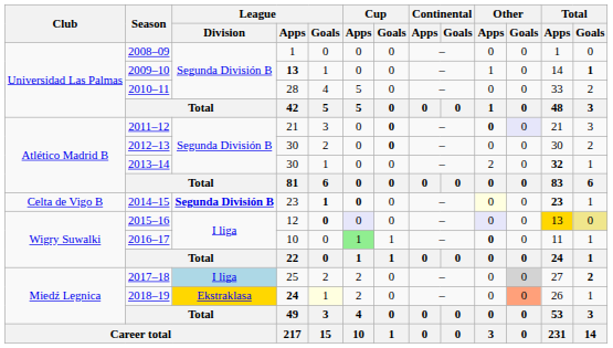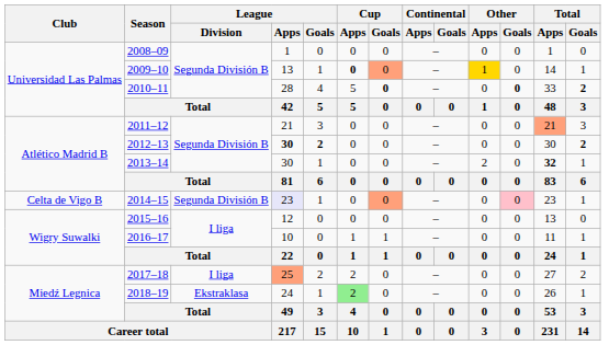 <table class="wikitable" style="text-align: center">
 <tr>
 <th rowspan="2">Club</th>
 <th rowspan="2">Season</th>
 <th colspan="3">League</th>
 <th colspan="2">Cup</th>
 <th colspan="2">Continental</th>
 <th colspan="2">Other</th>
 <th colspan="2">Total</th>
 </tr>
 <tr>
 <th>Division</th>
 <th>Apps</th>
 <th>Goals</th>
 <th>Apps</th>
 <th>Goals</th>
 <th>Apps</th>
 <th>Goals</th>
 <th>Apps</th>
 <th>Goals</th>
 <th>Apps</th>
 <th>Goals</th>
 </tr>
 <tr>
 <td rowspan="4"><a href='#'>Universidad Las Palmas</a></td>
 <td><a href='#'>2008–09</a></td>
 <td rowspan="3"><a href='#'>Segunda División B</a></td>
 <td>1</td>
 <td>0</td>
 <td>0</td>
 <td>0</td>
 <td colspan="2">–</td>
 <td>0</td>
 <td>0</td>
 <td>1</td>
 <td>0</td>
 </tr>
 <tr>
 <td><a href='#'>2009–10</a></td>
-<td><strong>13</strong></td>
+<td>13</td>
 <td>1</td>
-<td>0</td>
-<td>0</td>
+<td><strong>0</strong></td>
+<td style="background: lightsalmon;">0</td>
 <td colspan="2">–</td>
-<td>1</td>
+<td style="background: gold;">1</td>
 <td>0</td>
 <td>14</td>
-<td><strong>1</strong></td>
+<td>1</td>
 </tr>
 <tr>
 <td><a href='#'>2010–11</a></td>
 <td>28</td>
 <td>4</td>
 <td>5</td>
-<td>0</td>
+<td><strong>0</strong></td>
 <td colspan="2">–</td>
 <td>0</td>
-<td>0</td>
+<td><strong>0</strong></td>
 <td>33</td>
-<td>2</td>
+<td><strong>2</strong></td>
 </tr>
 <tr>
 <th colspan="2"><strong>Total</strong></th>
 <th>42</th>
 <th>5</th>
 <th>5</th>
 <th>0</th>
 <th>0</th>
 <th>0</th>
 <th>1</th>
 <th>0</th>
 <th>48</th>
 <th>3</th>
 </tr>
 <tr>
 <td rowspan="4"><a href='#'>Atlético Madrid B</a></td>
 <td><a href='#'>2011–12</a></td>
 <td rowspan="3"><a href='#'>Segunda División B</a></td>
 <td>21</td>
 <td>3</td>
 <td>0</td>
-<td><strong>0</strong></td>
+<td>0</td>
 <td colspan="2">–</td>
-<td><strong>0</strong></td>
-<td style="background: lavender;">0</td>
-<td>21</td>
+<td>0</td>
+<td>0</td>
+<td style="background: lightsalmon;">21</td>
 <td>3</td>
 </tr>
 <tr>
 <td><a href='#'>2012–13</a></td>
-<td>30</td>
-<td>2</td>
+<td><strong>30</strong></td>
+<td><strong>2</strong></td>
 <td>0</td>
-<td><strong>0</strong></td>
+<td>0</td>
 <td colspan="2">–</td>
 <td>0</td>
 <td>0</td>
 <td>30</td>
-<td>2</td>
+<td><strong>2</strong></td>
 </tr>
 <tr>
 <td><a href='#'>2013–14</a></td>
 <td>30</td>
 <td>1</td>
 <td>0</td>
 <td>0</td>
 <td colspan="2">–</td>
 <td>2</td>
 <td>0</td>
 <td><strong>32</strong></td>
 <td>1</td>
 </tr>
 <tr>
 <th colspan="2"><strong>Total</strong></th>
 <th>81</th>
 <th>6</th>
 <th>0</th>
 <th>0</th>
 <th>0</th>
 <th>0</th>
 <th>0</th>
 <th>0</th>
 <th>83</th>
 <th>6</th>
 </tr>
 <tr>
 <td><a href='#'>Celta de Vigo B</a></td>
 <td><a href='#'>2014–15</a></td>
-<td><strong><a href='#'>Segunda División B</a></strong></td>
+<td><a href='#'>Segunda División B</a></td>
+<td style="background: lavender;">23</td>
+<td>1</td>
+<td>0</td>
+<td style="background: lightsalmon;">0</td>
+<td colspan="2">–</td>
+<td>0</td>
+<td style="background: pink;">0</td>
 <td>23</td>
-<td><strong>1</strong></td>
-<td><strong>0</strong></td>
-<td>0</td>
-<td colspan="2">–</td>
-<td style="background: lightyellow;">0</td>
-<td>0</td>
-<td><strong>23</strong></td>
 <td>1</td>
 </tr>
 <tr>
 <td rowspan="3"><a href='#'>Wigry Suwalki</a></td>
 <td><a href='#'>2015–16</a></td>
 <td rowspan="2"><a href='#'>I liga</a></td>
 <td>12</td>
-<td><strong>0</strong></td>
-<td style="background: lavender;">0</td>
+<td>0</td>
+<td>0</td>
 <td>0</td>
 <td colspan="2">–</td>
-<td style="background: lavender;">0</td>
 <td>0</td>
-<td style="background: gold;">13</td>
-<td style="background: khaki;">0</td>
+<td>0</td>
+<td>13</td>
+<td>0</td>
 </tr>
 <tr>
 <td><a href='#'>2016–17</a></td>
 <td>10</td>
 <td>0</td>
-<td style="background: lightgreen;">1</td>
+<td>1</td>
 <td>1</td>
 <td colspan="2">–</td>
-<td><strong>0</strong></td>
+<td>0</td>
 <td>0</td>
 <td>11</td>
 <td>1</td>
 </tr>
 <tr>
 <th colspan="2"><strong>Total</strong></th>
 <th>22</th>
 <th>0</th>
 <th>1</th>
 <th>1</th>
 <th>0</th>
 <th>0</th>
 <th>0</th>
 <th>0</th>
 <th>24</th>
 <th>1</th>
 </tr>
 <tr>
 <td rowspan="3"><a href='#'>Miedź Legnica</a></td>
 <td><a href='#'>2017–18</a></td>
-<td style="background: lightblue;"><a href='#'>I liga</a></td>
-<td>25</td>
+<td><a href='#'>I liga</a></td>
+<td style="background: lightsalmon;">25</td>
 <td>2</td>
 <td>2</td>
 <td>0</td>
 <td colspan="2">–</td>
 <td>0</td>
-<td style="background: lightgrey;">0</td>
+<td>0</td>
 <td>27</td>
-<td><strong>2</strong></td>
+<td>2</td>
 </tr>
 <tr>
 <td><a href='#'>2018–19</a></td>
-<td style="background: gold;"><a href='#'>Ekstraklasa</a></td>
-<td><strong>24</strong></td>
-<td style="background: lightyellow;">1</td>
-<td>2</td>
+<td><a href='#'>Ekstraklasa</a></td>
+<td>24</td>
+<td>1</td>
+<td style="background: lightgreen;">2</td>
 <td>0</td>
 <td colspan="2">–</td>
 <td>0</td>
-<td style="background: lightsalmon;">0</td>
+<td>0</td>
 <td>26</td>
 <td>1</td>
 </tr>
 <tr>
 <th colspan="2"><strong>Total</strong></th>
 <th>49</th>
 <th>3</th>
 <th>4</th>
 <th>0</th>
 <th>0</th>
 <th>0</th>
 <th>0</th>
 <th>0</th>
 <th>53</th>
 <th>3</th>
 </tr>
 <tr>
 <th colspan="3"><strong>Career total</strong></th>
 <th>217</th>
 <th>15</th>
 <th>10</th>
 <th>1</th>
 <th>0</th>
 <th>0</th>
 <th>3</th>
 <th>0</th>
 <th>231</th>
 <th>14</th>
 </tr>
 </table>
